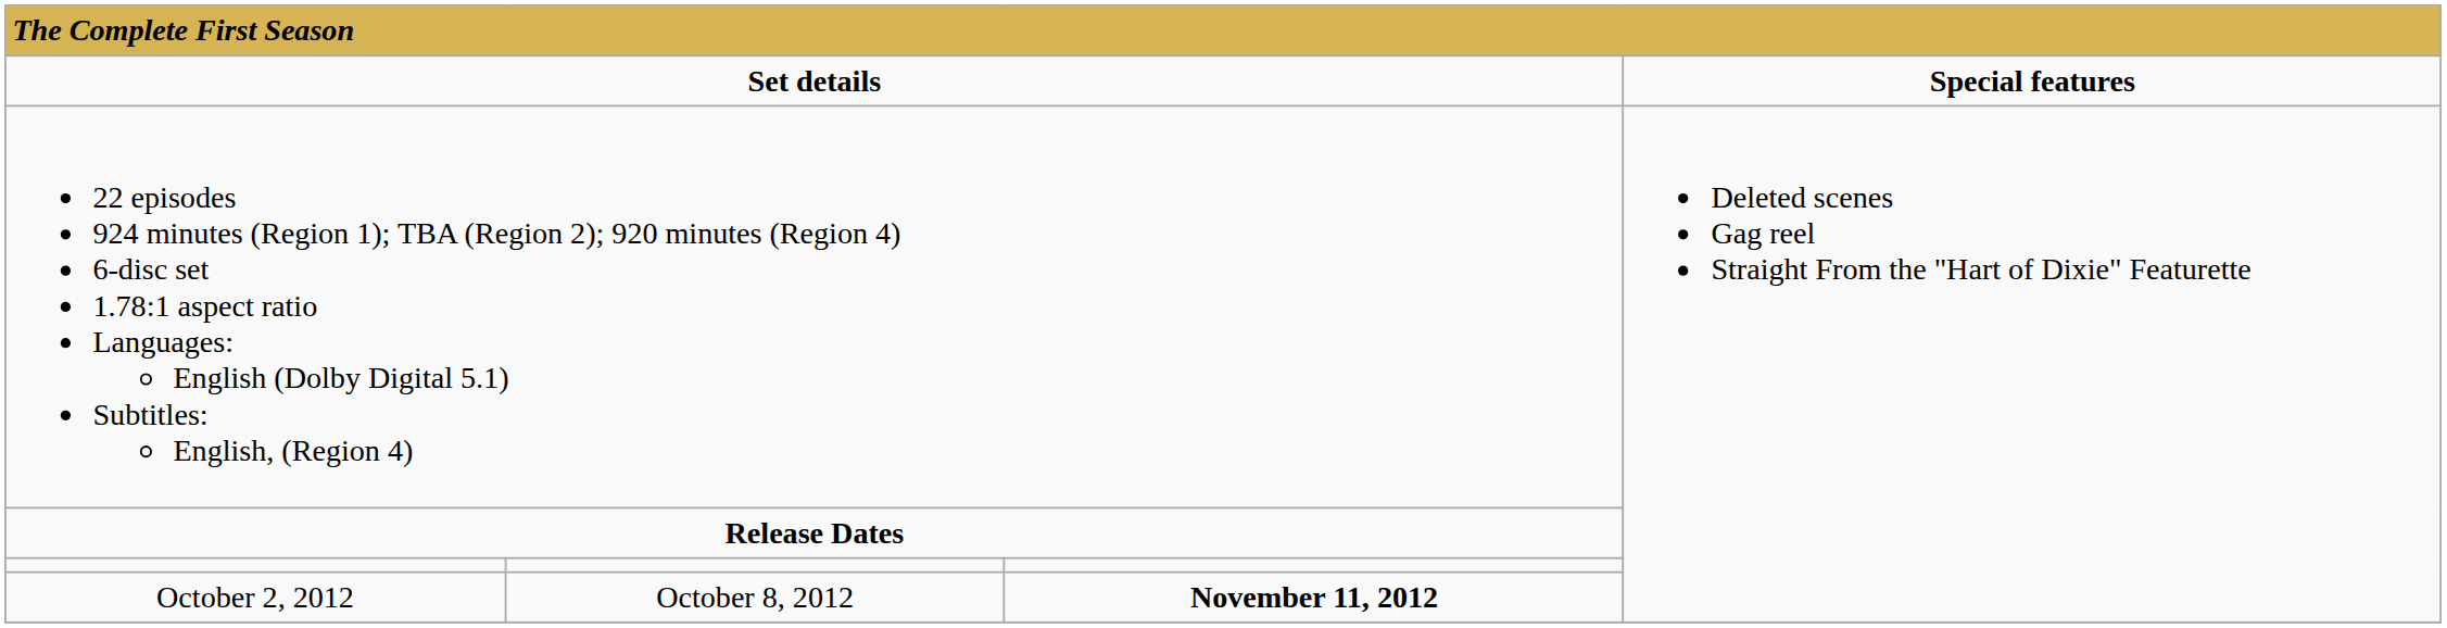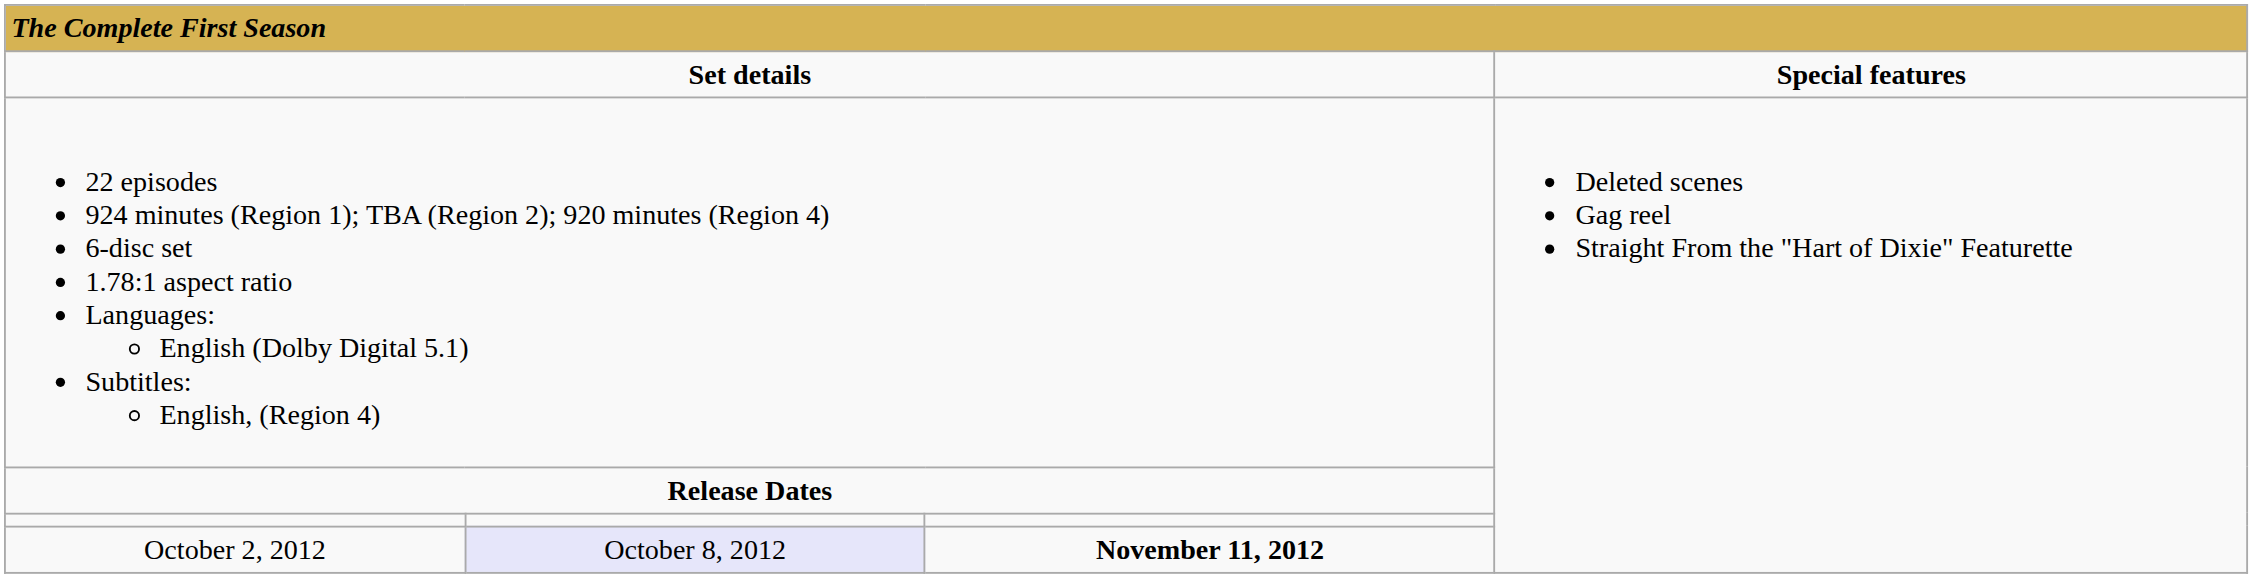 <table class="wikitable" width="96%" style="font-size: 95%;">
 <tr style="background:#D6B353">
 <td colspan="6"><strong><em>The Complete First Season</em></strong></td>
 </tr>
 <tr>
 <td align="center" width="300" colspan="3"><strong>Set details</strong></td>
 <td width="400" align="center"><strong>Special features</strong></td>
 </tr>
 <tr valign="top">
 <td colspan="3" align="left" width="300"><br><ul><li>22 episodes</li><li>924 minutes (Region 1); TBA (Region 2); 920 minutes (Region 4)</li><li>6-disc set</li><li>1.78:1 aspect ratio</li><li>Languages:<ul><li>English (Dolby Digital 5.1)</li></ul></li><li>Subtitles:<ul><li>English, (Region 4)</li></ul></li></ul></td>
 <td rowspan="4" align="left" width="400"><br><ul><li>Deleted scenes</li><li>Gag reel</li><li>Straight From the "Hart of Dixie" Featurette</li></ul></td>
 </tr>
 <tr>
 <td colspan="3" align="center"><strong>Release Dates</strong></td>
 </tr>
 <tr>
 <td align="center"></td>
 <td align="center"></td>
 <td align="center"></td>
 </tr>
 <tr>
 <td align="center">October 2, 2012</td>
-<td align="center">October 8, 2012</td>
+<td align="center" style="background: lavender;">October 8, 2012</td>
 <td align="center"><strong>November 11, 2012</strong></td>
 </tr>
 </table>
